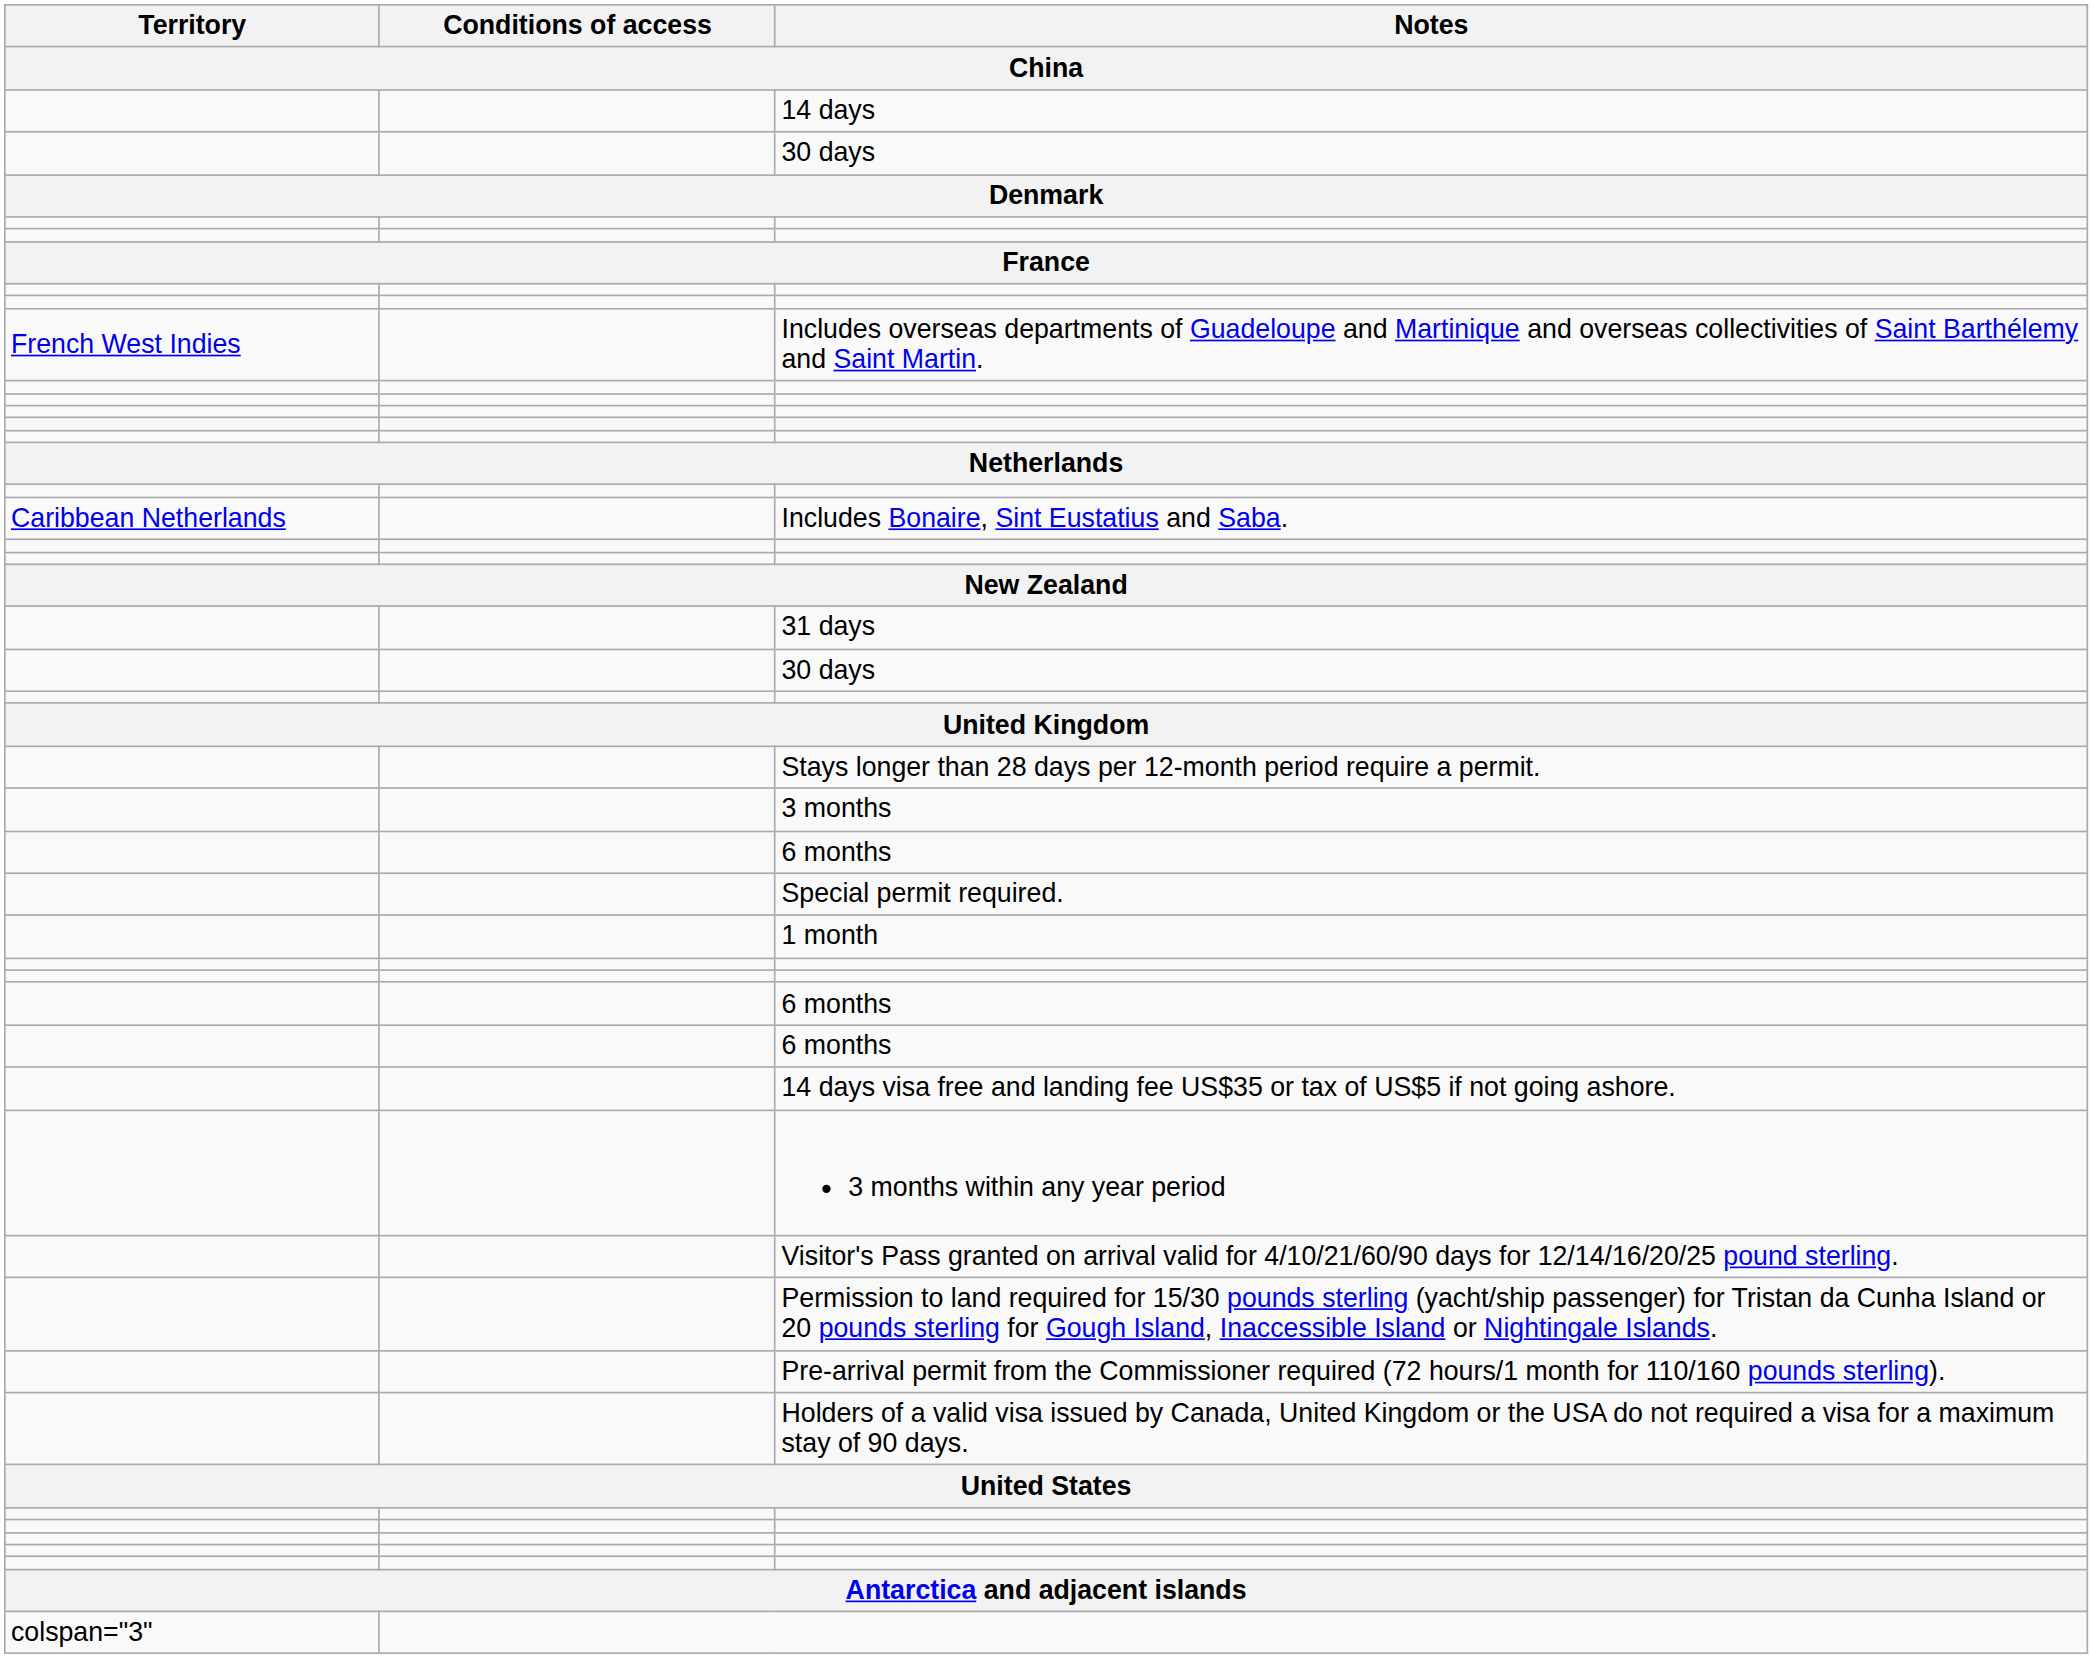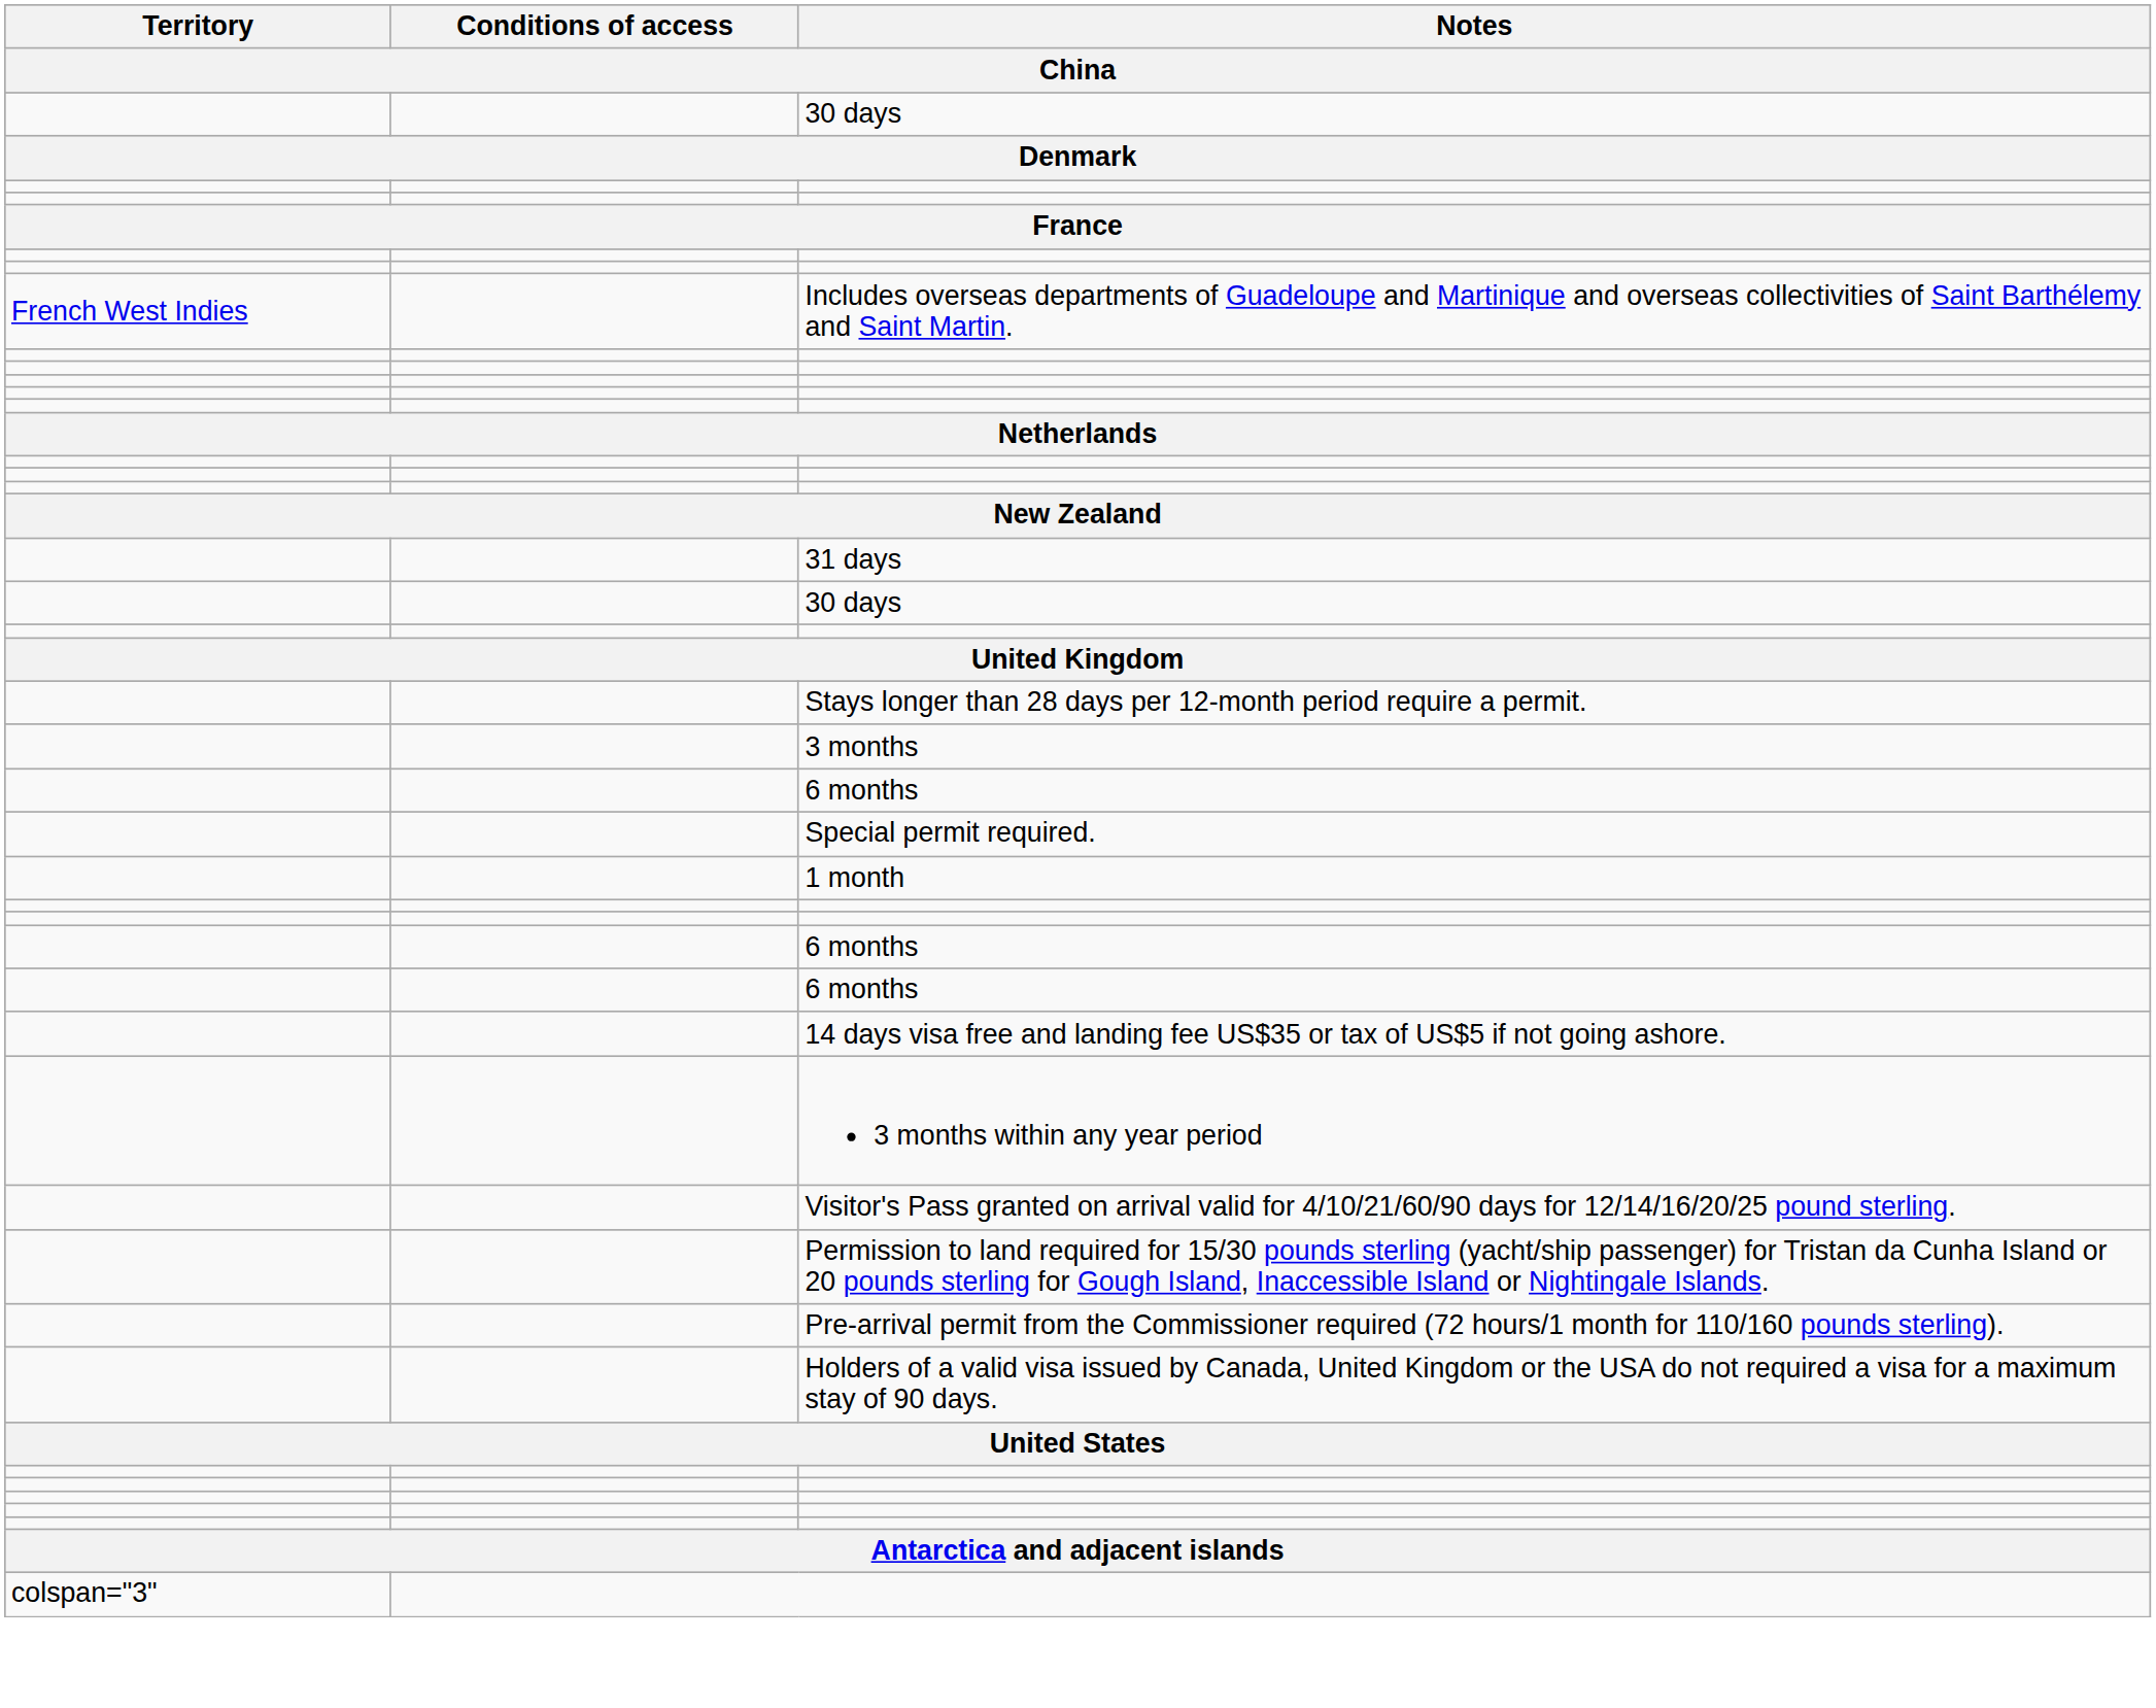 <table class="wikitable" style="text-align: left; table-layout: fixed;">
 <tr>
 <th style="width:18%;">Territory</th>
 <th style="width:19%;">Conditions of access</th>
 <th>Notes</th>
 </tr>
 <tr>
 <th colspan="3">China</th>
-</tr>
-<tr>
-<td></td>
-<td></td>
-<td>14 days</td>
 </tr>
 <tr>
 <td></td>
 <td></td>
 <td>30 days</td>
 </tr>
 <tr>
 <th colspan="3">Denmark</th>
 </tr>
 <tr>
 <td></td>
 <td></td>
 <td></td>
 </tr>
 <tr>
 <td></td>
 <td></td>
 <td></td>
 </tr>
 <tr>
 <th colspan="3">France</th>
 </tr>
 <tr>
 <td></td>
 <td></td>
 <td></td>
 </tr>
 <tr>
 <td></td>
 <td></td>
 <td></td>
 </tr>
 <tr>
 <td> <a href='#'>French West Indies</a></td>
 <td></td>
 <td>Includes overseas departments of <a href='#'>Guadeloupe</a> and <a href='#'>Martinique</a> and overseas collectivities of <a href='#'>Saint Barthélemy</a> and <a href='#'>Saint Martin</a>.</td>
 </tr>
 <tr>
 <td></td>
 <td></td>
 <td></td>
 </tr>
 <tr>
 <td></td>
 <td></td>
 <td></td>
 </tr>
 <tr>
 <td></td>
 <td></td>
 <td></td>
 </tr>
 <tr>
 <td></td>
 <td></td>
 <td></td>
 </tr>
 <tr>
 <td></td>
 <td></td>
 <td></td>
 </tr>
 <tr>
 <th colspan="3">Netherlands</th>
 </tr>
 <tr>
 <td></td>
 <td></td>
 <td></td>
-</tr>
-<tr>
-<td> <a href='#'>Caribbean Netherlands</a></td>
-<td></td>
-<td>Includes <a href='#'>Bonaire</a>, <a href='#'>Sint Eustatius</a> and <a href='#'>Saba</a>.</td>
 </tr>
 <tr>
 <td></td>
 <td></td>
 <td></td>
 </tr>
 <tr>
 <td></td>
 <td></td>
 <td></td>
 </tr>
 <tr>
 <th colspan="3">New Zealand</th>
 </tr>
 <tr>
 <td></td>
 <td></td>
 <td>31 days</td>
 </tr>
 <tr>
 <td></td>
 <td></td>
 <td>30 days</td>
 </tr>
 <tr>
 <td></td>
 <td></td>
 <td></td>
 </tr>
 <tr>
 <th colspan="3">United Kingdom</th>
 </tr>
 <tr>
 <td></td>
 <td></td>
 <td>Stays longer than 28 days per 12-month period require a permit.</td>
 </tr>
 <tr>
 <td></td>
 <td></td>
 <td>3 months</td>
 </tr>
 <tr>
 <td></td>
 <td></td>
 <td>6 months</td>
 </tr>
 <tr>
 <td></td>
 <td></td>
 <td>Special permit required.</td>
 </tr>
 <tr>
 <td></td>
 <td></td>
 <td>1 month</td>
 </tr>
 <tr>
 <td></td>
 <td></td>
 <td></td>
 </tr>
 <tr>
 <td></td>
 <td></td>
 <td></td>
 </tr>
 <tr>
 <td></td>
 <td></td>
 <td>6 months</td>
 </tr>
 <tr>
 <td></td>
 <td></td>
 <td>6 months</td>
 </tr>
 <tr>
 <td></td>
 <td></td>
 <td>14 days visa free and landing fee US$35 or tax of US$5 if not going ashore.</td>
 </tr>
 <tr>
 <td></td>
 <td></td>
 <td><br><ul><li>3 months within any year period</li></ul></td>
 </tr>
 <tr>
 <td></td>
 <td></td>
 <td>Visitor's Pass granted on arrival valid for 4/10/21/60/90 days for 12/14/16/20/25 <a href='#'>pound sterling</a>.</td>
 </tr>
 <tr>
 <td></td>
 <td></td>
 <td>Permission to land required for 15/30 <a href='#'>pounds sterling</a> (yacht/ship passenger) for Tristan da Cunha Island or 20 <a href='#'>pounds sterling</a> for <a href='#'>Gough Island</a>, <a href='#'>Inaccessible Island</a> or <a href='#'>Nightingale Islands</a>.</td>
 </tr>
 <tr>
 <td></td>
 <td></td>
 <td>Pre-arrival permit from the Commissioner required (72 hours/1 month for 110/160 <a href='#'>pounds sterling</a>).</td>
 </tr>
 <tr>
 <td></td>
 <td></td>
 <td>Holders of a valid visa issued by Canada, United Kingdom or the USA do not required a visa for a maximum stay of 90 days.</td>
 </tr>
 <tr>
 <th colspan="3">United States</th>
 </tr>
 <tr>
 <td></td>
 <td></td>
 <td></td>
 </tr>
 <tr>
 <td></td>
 <td></td>
 <td></td>
 </tr>
 <tr>
 <td></td>
 <td></td>
 <td></td>
 </tr>
 <tr>
 <td></td>
 <td></td>
 <td></td>
 </tr>
 <tr>
 <td></td>
 <td></td>
 <td></td>
 </tr>
 <tr>
 <th colspan="3"><a href='#'>Antarctica</a> and adjacent islands</th>
 </tr>
 <tr>
 <td>colspan="3" </td>
 </tr>
 </table>
